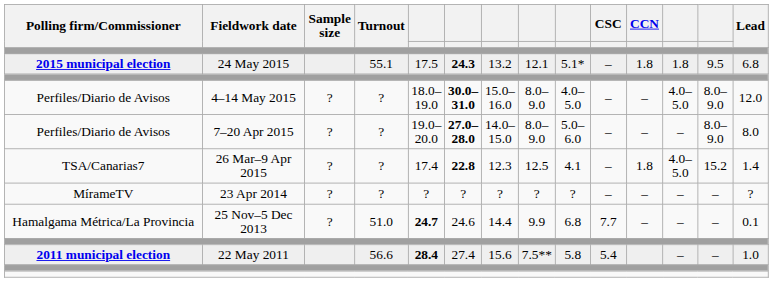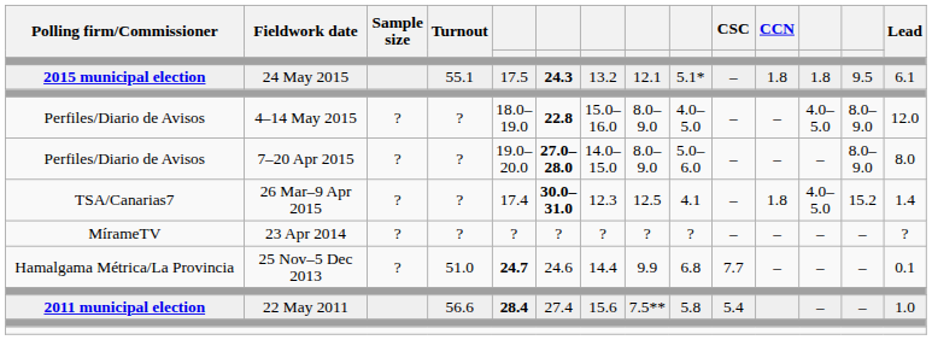 <table class="wikitable collapsible collapsed" style="text-align:center; font-size:95%; line-height:16px;">
 <tr style="height:42px;">
 <th style="width:250px;" rowspan="2">Polling firm/Commissioner</th>
 <th style="width:125px;" rowspan="2">Fieldwork date</th>
 <th style="width:50px;" rowspan="2">Sample size</th>
 <th style="width:45px;" rowspan="2">Turnout</th>
 <th style="width:35px;"></th>
 <th style="width:35px;"></th>
 <th style="width:35px;"></th>
 <th style="width:35px;"></th>
 <th style="width:35px;"></th>
 <th style="width:35px;">CSC</th>
 <th style="width:35px;"><a href='#'>CCN</a></th>
 <th style="width:35px;"></th>
 <th style="width:35px;"></th>
 <th style="width:30px;" rowspan="2">Lead</th>
 </tr>
 <tr>
 <th style="color:inherit;background:"></th>
 <th style="color:inherit;background:"></th>
 <th style="color:inherit;background:"></th>
 <th style="color:inherit;background:"></th>
 <th style="color:inherit;background:"></th>
 <th style="color:inherit;background:"></th>
 <th style="color:inherit;background:"></th>
 <th style="color:inherit;background:"></th>
 <th style="color:inherit;background:"></th>
 </tr>
 <tr>
 <td colspan="14" style="background:#A0A0A0"></td>
 </tr>
 <tr style="background:#EFEFEF;">
 <td><strong><a href='#'>2015 municipal election</a></strong></td>
 <td>24 May 2015</td>
 <td></td>
 <td>55.1</td>
 <td>17.5<br></td>
 <td><strong>24.3</strong><br></td>
 <td>13.2<br></td>
 <td>12.1<br></td>
 <td>5.1*<br></td>
 <td>–</td>
 <td>1.8<br></td>
 <td>1.8<br></td>
 <td>9.5<br></td>
-<td style="background:">6.8</td>
+<td style="background:">6.1</td>
 </tr>
 <tr>
 <td colspan="14" style="background:#A0A0A0"></td>
 </tr>
 <tr>
 <td>Perfiles/Diario de Avisos</td>
 <td>4–14 May 2015</td>
 <td>?</td>
 <td>?</td>
 <td>18.0–<br>19.0<br></td>
-<td><strong>30.0–<br>31.0</strong><br></td>
+<td><strong>22.8</strong><br></td>
 <td>15.0–<br>16.0<br></td>
 <td>8.0–<br>9.0<br></td>
 <td>4.0–<br>5.0<br></td>
 <td>–</td>
 <td>–</td>
 <td>4.0–<br>5.0<br></td>
 <td>8.0–<br>9.0<br></td>
 <td style="background:">12.0</td>
 </tr>
 <tr>
 <td>Perfiles/Diario de Avisos</td>
 <td>7–20 Apr 2015</td>
 <td>?</td>
 <td>?</td>
 <td>19.0–<br>20.0<br></td>
 <td><strong>27.0–<br>28.0</strong><br></td>
 <td>14.0–<br>15.0<br></td>
 <td>8.0–<br>9.0<br></td>
 <td>5.0–<br>6.0<br></td>
 <td>–</td>
 <td>–</td>
 <td>–</td>
 <td>8.0–<br>9.0<br></td>
 <td style="background:">8.0</td>
 </tr>
 <tr>
 <td>TSA/Canarias7</td>
 <td>26 Mar–9 Apr 2015</td>
 <td>?</td>
 <td>?</td>
 <td>17.4<br></td>
-<td><strong>22.8</strong><br></td>
+<td><strong>30.0–<br>31.0</strong><br></td>
 <td>12.3<br></td>
 <td>12.5<br></td>
 <td>4.1<br></td>
 <td>–</td>
 <td>1.8<br></td>
 <td>4.0–<br>5.0<br></td>
 <td>15.2<br></td>
 <td style="background:">1.4</td>
 </tr>
 <tr>
 <td>MírameTV</td>
 <td>23 Apr 2014</td>
 <td>?</td>
 <td>?</td>
 <td>?<br></td>
 <td>?<br></td>
 <td>?<br></td>
 <td>?<br></td>
 <td>?<br></td>
 <td>–</td>
 <td>–</td>
 <td>–</td>
 <td>–</td>
 <td style="background:">?</td>
 </tr>
 <tr>
 <td>Hamalgama Métrica/La Provincia</td>
 <td>25 Nov–5 Dec 2013</td>
 <td>?</td>
 <td>51.0</td>
 <td><strong>24.7</strong><br></td>
 <td>24.6<br></td>
 <td>14.4<br></td>
 <td>9.9<br></td>
 <td>6.8<br></td>
 <td>7.7<br></td>
 <td>–</td>
 <td>–</td>
 <td>–</td>
 <td style="background:">0.1</td>
 </tr>
 <tr>
 <td colspan="14" style="background:#A0A0A0"></td>
 </tr>
 <tr style="background:#EFEFEF;">
 <td><strong><a href='#'>2011 municipal election</a></strong></td>
 <td>22 May 2011</td>
 <td></td>
 <td>56.6</td>
 <td><strong>28.4</strong><br></td>
 <td>27.4<br></td>
 <td>15.6<br></td>
 <td>7.5**<br></td>
 <td>5.8<br></td>
 <td>5.4<br></td>
 <td></td>
 <td>–</td>
 <td>–</td>
 <td style="background:">1.0</td>
 </tr>
 <tr>
 <td colspan="14" style="background:#A0A0A0"></td>
 </tr>
 <tr>
 <td align="left" colspan="14"></td>
 </tr>
 </table>
